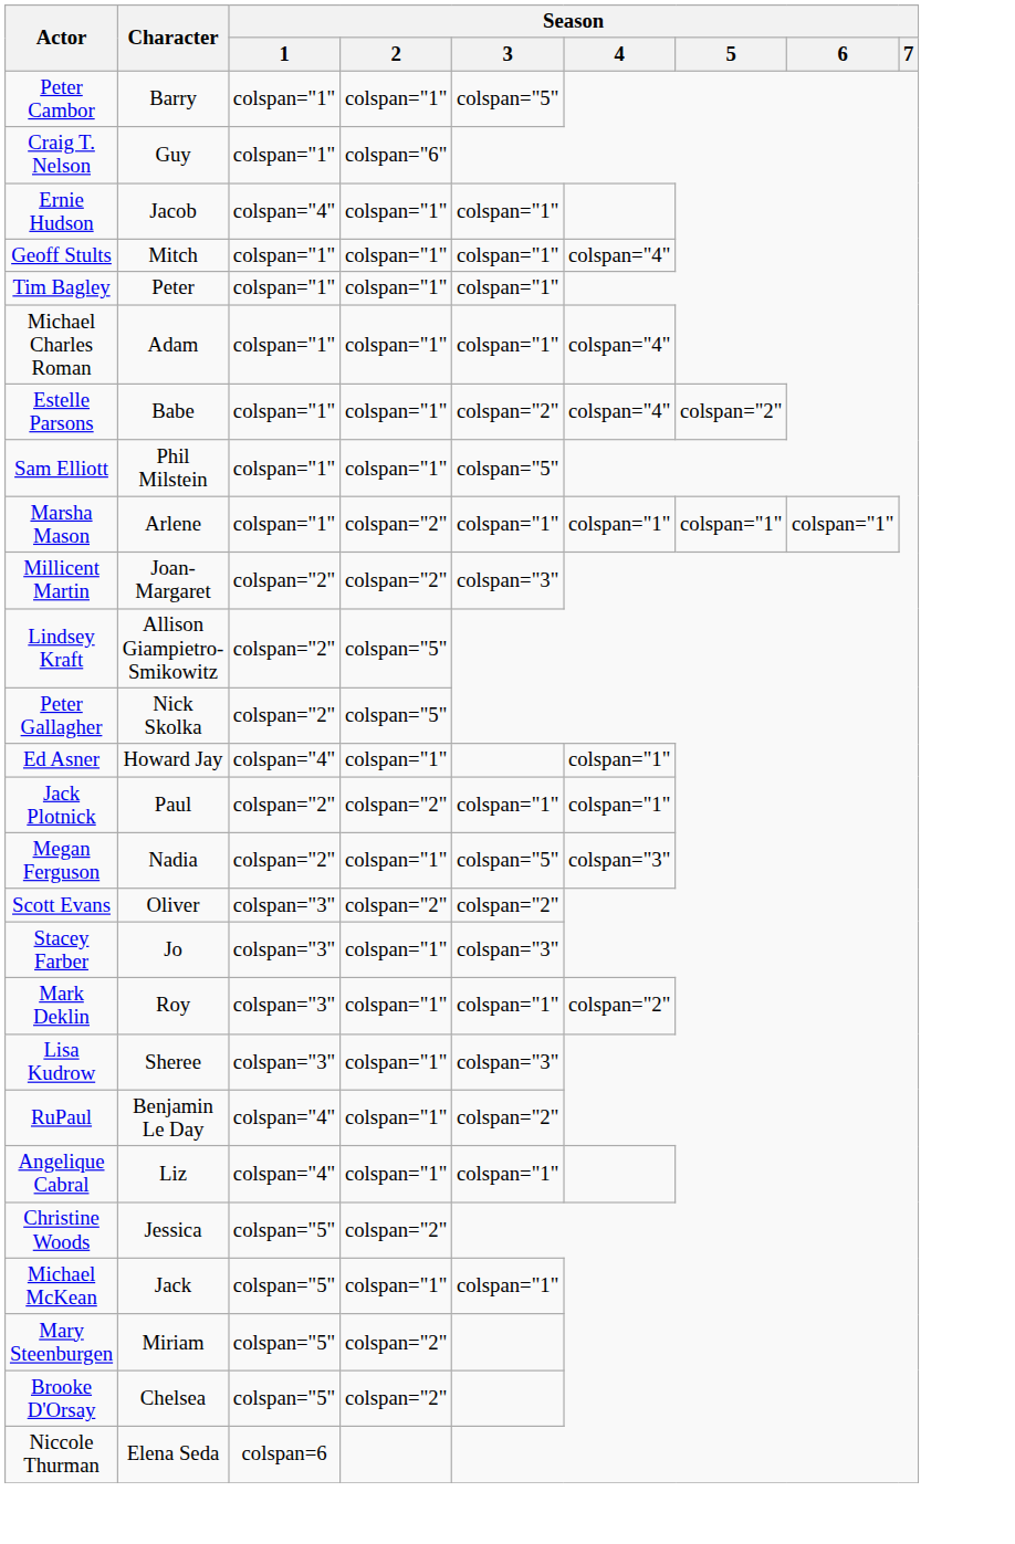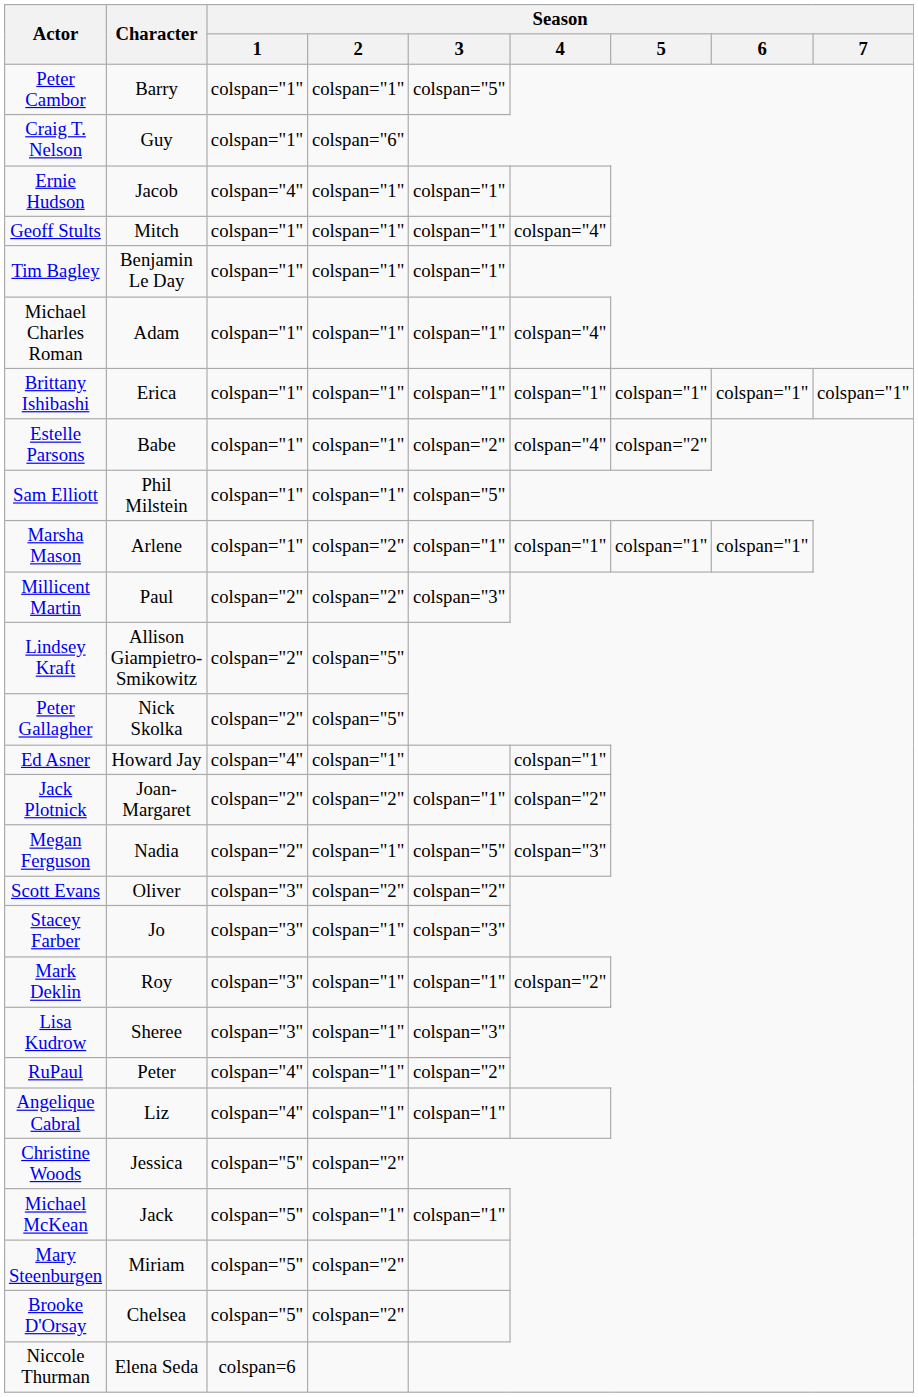 <table class="wikitable plainrowheaders" style="text-align:center">
 <tr>
 <th rowspan="2" style="width:10%;" scope="col">Actor</th>
 <th rowspan="2" style="width:10%;" scope="col">Character</th>
 <th colspan="7">Season</th>
 </tr>
 <tr>
 <th style="width:5%;" scope="col">1</th>
 <th style="width:5%;" scope="col">2</th>
 <th style="width:5%;" scope="col">3</th>
 <th style="width:5%;" scope="col">4</th>
 <th style="width:5%;" scope="col">5</th>
 <th style="width:5%;" scope="col">6</th>
 <th style="width:5%;" scope="col">7</th>
 </tr>
 <tr>
 <td><a href='#'>Peter Cambor</a></td>
 <td>Barry</td>
 <td>colspan="1" </td>
 <td>colspan="1" </td>
 <td>colspan="5" </td>
 </tr>
 <tr>
 <td><a href='#'>Craig T. Nelson</a></td>
 <td>Guy</td>
 <td>colspan="1" </td>
 <td>colspan="6" </td>
 </tr>
 <tr>
 <td><a href='#'>Ernie Hudson</a></td>
 <td>Jacob</td>
 <td>colspan="4" </td>
 <td>colspan="1" </td>
 <td>colspan="1" </td>
 <td></td>
 </tr>
 <tr>
 <td><a href='#'>Geoff Stults</a></td>
 <td>Mitch</td>
 <td>colspan="1" </td>
 <td>colspan="1" </td>
 <td>colspan="1" </td>
 <td>colspan="4" </td>
 </tr>
 <tr>
 <td><a href='#'>Tim Bagley</a></td>
-<td>Peter</td>
+<td>Benjamin Le Day</td>
 <td>colspan="1" </td>
 <td>colspan="1" </td>
 <td>colspan="1" </td>
 </tr>
 <tr>
 <td>Michael Charles Roman</td>
 <td>Adam</td>
 <td>colspan="1" </td>
 <td>colspan="1" </td>
 <td>colspan="1" </td>
 <td>colspan="4" </td>
+</tr>
+<tr>
+<td><a href='#'>Brittany Ishibashi</a></td>
+<td>Erica</td>
+<td>colspan="1" </td>
+<td>colspan="1" </td>
+<td>colspan="1" </td>
+<td>colspan="1" </td>
+<td>colspan="1" </td>
+<td>colspan="1" </td>
+<td>colspan="1" </td>
 </tr>
 <tr>
 <td><a href='#'>Estelle Parsons</a></td>
 <td>Babe</td>
 <td>colspan="1" </td>
 <td>colspan="1" </td>
 <td>colspan="2" </td>
 <td>colspan="4" </td>
 <td>colspan="2" </td>
 </tr>
 <tr>
 <td><a href='#'>Sam Elliott</a></td>
 <td>Phil Milstein</td>
 <td>colspan="1" </td>
 <td>colspan="1" </td>
 <td>colspan="5" </td>
 </tr>
 <tr>
 <td><a href='#'>Marsha Mason</a></td>
 <td>Arlene</td>
 <td>colspan="1" </td>
 <td>colspan="2" </td>
 <td>colspan="1" </td>
 <td>colspan="1" </td>
 <td>colspan="1" </td>
 <td>colspan="1" </td>
 </tr>
 <tr>
 <td><a href='#'>Millicent Martin</a></td>
-<td>Joan-Margaret</td>
+<td>Paul</td>
 <td>colspan="2" </td>
 <td>colspan="2" </td>
 <td>colspan="3" </td>
 </tr>
 <tr>
 <td><a href='#'>Lindsey Kraft</a></td>
 <td>Allison Giampietro-Smikowitz</td>
 <td>colspan="2" </td>
 <td>colspan="5" </td>
 </tr>
 <tr>
 <td><a href='#'>Peter Gallagher</a></td>
 <td>Nick Skolka</td>
 <td>colspan="2" </td>
 <td>colspan="5" </td>
 </tr>
 <tr>
 <td><a href='#'>Ed Asner</a></td>
 <td>Howard Jay</td>
 <td>colspan="4" </td>
 <td>colspan="1" </td>
 <td></td>
 <td>colspan="1" </td>
 </tr>
 <tr>
 <td><a href='#'>Jack Plotnick</a></td>
-<td>Paul</td>
+<td>Joan-Margaret</td>
 <td>colspan="2" </td>
 <td>colspan="2" </td>
 <td>colspan="1" </td>
-<td>colspan="1" </td>
+<td>colspan="2" </td>
 </tr>
 <tr>
 <td><a href='#'>Megan Ferguson</a></td>
 <td>Nadia</td>
 <td>colspan="2" </td>
 <td>colspan="1" </td>
 <td>colspan="5" </td>
 <td>colspan="3" </td>
 </tr>
 <tr>
 <td><a href='#'>Scott Evans</a></td>
 <td>Oliver</td>
 <td>colspan="3" </td>
 <td>colspan="2" </td>
 <td>colspan="2" </td>
 </tr>
 <tr>
 <td><a href='#'>Stacey Farber</a></td>
 <td>Jo</td>
 <td>colspan="3" </td>
 <td>colspan="1" </td>
 <td>colspan="3" </td>
 </tr>
 <tr>
 <td><a href='#'>Mark Deklin</a></td>
 <td>Roy</td>
 <td>colspan="3" </td>
 <td>colspan="1" </td>
 <td>colspan="1" </td>
 <td>colspan="2" </td>
 </tr>
 <tr>
 <td><a href='#'>Lisa Kudrow</a></td>
 <td>Sheree</td>
 <td>colspan="3" </td>
 <td>colspan="1" </td>
 <td>colspan="3" </td>
 </tr>
 <tr>
 <td><a href='#'>RuPaul</a></td>
-<td>Benjamin Le Day</td>
+<td>Peter</td>
 <td>colspan="4" </td>
 <td>colspan="1" </td>
 <td>colspan="2" </td>
 </tr>
 <tr>
 <td><a href='#'>Angelique Cabral</a></td>
 <td>Liz</td>
 <td>colspan="4" </td>
 <td>colspan="1" </td>
 <td>colspan="1" </td>
 <td></td>
 </tr>
 <tr>
 <td><a href='#'>Christine Woods</a></td>
 <td>Jessica</td>
 <td>colspan="5" </td>
 <td>colspan="2" </td>
 </tr>
 <tr>
 <td><a href='#'>Michael McKean</a></td>
 <td>Jack</td>
 <td>colspan="5" </td>
 <td>colspan="1" </td>
 <td>colspan="1" </td>
 </tr>
 <tr>
 <td><a href='#'>Mary Steenburgen</a></td>
 <td>Miriam</td>
 <td>colspan="5" </td>
 <td>colspan="2" </td>
 <td></td>
 </tr>
 <tr>
 <td><a href='#'>Brooke D'Orsay</a></td>
 <td>Chelsea</td>
 <td>colspan="5" </td>
 <td>colspan="2" </td>
 <td></td>
 </tr>
 <tr>
 <td>Niccole Thurman</td>
 <td>Elena Seda</td>
 <td>colspan=6 </td>
 <td></td>
 </tr>
 </table>
